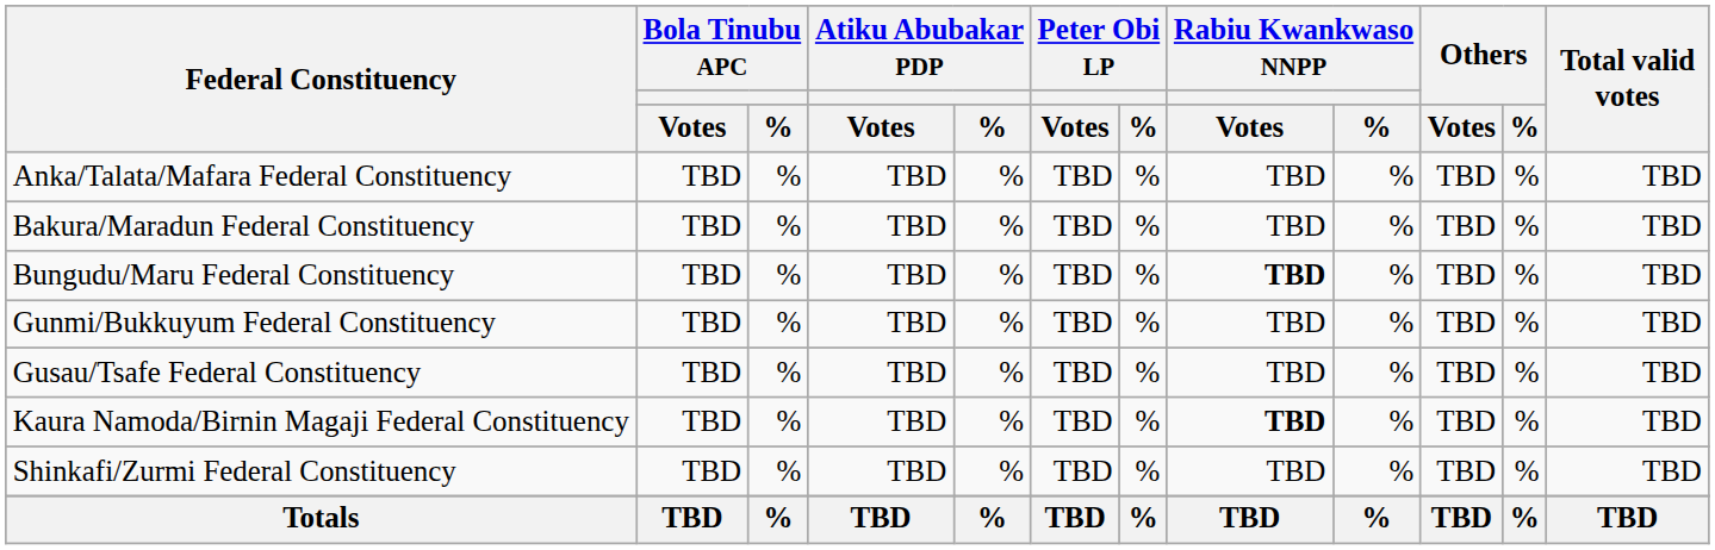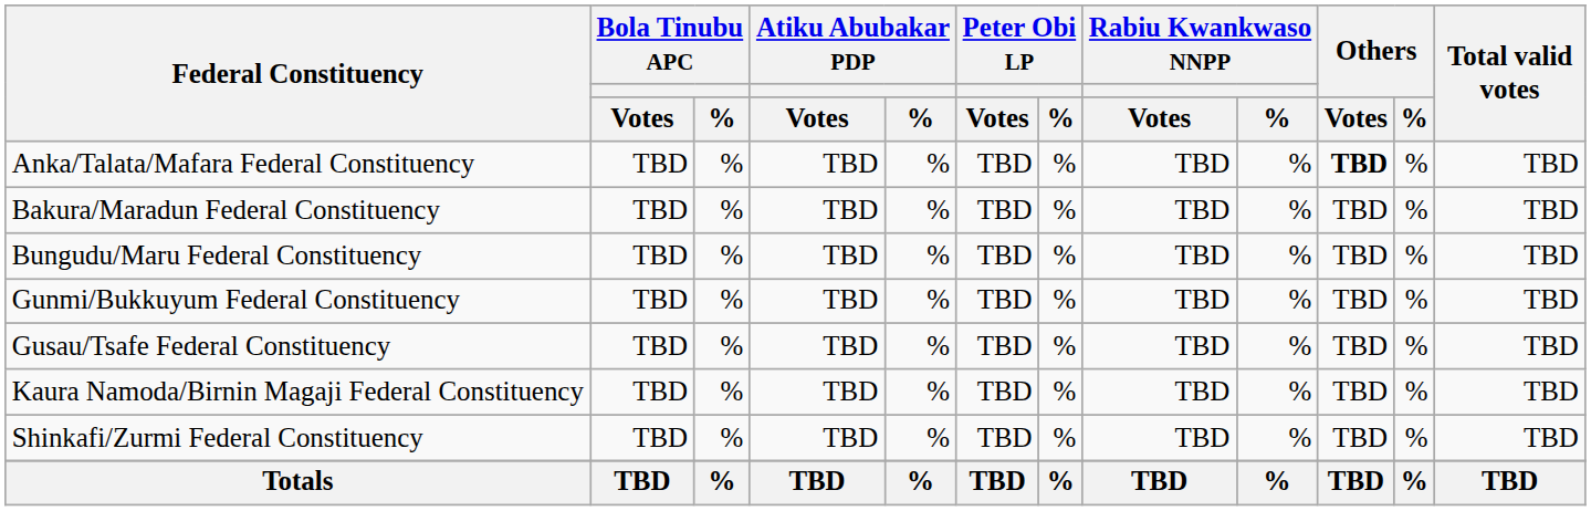 <table class="wikitable sortable" style="text-align:right; font-size:90%">
 <tr>
 <th rowspan="3" style="max-width:7.5em;">Federal Constituency</th>
 <th colspan="2"><a href='#'>Bola Tinubu</a><br><small>APC</small></th>
 <th colspan="2"><a href='#'>Atiku Abubakar</a><br><small>PDP</small></th>
 <th colspan="2"><a href='#'>Peter Obi</a><br><small>LP</small></th>
 <th colspan="2"><a href='#'>Rabiu Kwankwaso</a><br><small>NNPP</small></th>
 <th colspan="2" rowspan="2">Others</th>
 <th rowspan="3" style="max-width:5em;">Total valid votes</th>
 </tr>
 <tr>
 <th colspan=2 style="background-color:"></th>
 <th colspan=2 style="background-color:"></th>
 <th colspan=2 style="background-color:"></th>
 <th colspan=2 style="background-color:"></th>
 </tr>
 <tr>
 <th>Votes</th>
 <th>%</th>
 <th>Votes</th>
 <th>%</th>
 <th>Votes</th>
 <th>%</th>
 <th>Votes</th>
 <th>%</th>
 <th>Votes</th>
 <th>%</th>
 </tr>
 <tr style="background-color:#">
 <td style="text-align:left;">Anka/Talata/Mafara Federal Constituency</td>
 <td>TBD</td>
 <td>%</td>
 <td>TBD</td>
 <td>%</td>
 <td>TBD</td>
 <td>%</td>
 <td>TBD</td>
 <td>%</td>
-<td>TBD</td>
+<td><strong>TBD</strong></td>
 <td>%</td>
 <td>TBD</td>
 </tr>
 <tr style="background-color:#">
 <td style="text-align:left;">Bakura/Maradun Federal Constituency</td>
 <td>TBD</td>
 <td>%</td>
 <td>TBD</td>
 <td>%</td>
 <td>TBD</td>
 <td>%</td>
 <td>TBD</td>
 <td>%</td>
 <td>TBD</td>
 <td>%</td>
 <td>TBD</td>
 </tr>
 <tr style="background-color:#">
 <td style="text-align:left;">Bungudu/Maru Federal Constituency</td>
 <td>TBD</td>
 <td>%</td>
 <td>TBD</td>
 <td>%</td>
 <td>TBD</td>
 <td>%</td>
-<td><strong>TBD</strong></td>
+<td>TBD</td>
 <td>%</td>
 <td>TBD</td>
 <td>%</td>
 <td>TBD</td>
 </tr>
 <tr style="background-color:#">
 <td style="text-align:left;">Gunmi/Bukkuyum Federal Constituency</td>
 <td>TBD</td>
 <td>%</td>
 <td>TBD</td>
 <td>%</td>
 <td>TBD</td>
 <td>%</td>
 <td>TBD</td>
 <td>%</td>
 <td>TBD</td>
 <td>%</td>
 <td>TBD</td>
 </tr>
 <tr style="background-color:#">
 <td style="text-align:left;">Gusau/Tsafe Federal Constituency</td>
 <td>TBD</td>
 <td>%</td>
 <td>TBD</td>
 <td>%</td>
 <td>TBD</td>
 <td>%</td>
 <td>TBD</td>
 <td>%</td>
 <td>TBD</td>
 <td>%</td>
 <td>TBD</td>
 </tr>
 <tr style="background-color:#">
 <td style="text-align:left;">Kaura Namoda/Birnin Magaji Federal Constituency</td>
 <td>TBD</td>
 <td>%</td>
 <td>TBD</td>
 <td>%</td>
 <td>TBD</td>
 <td>%</td>
-<td><strong>TBD</strong></td>
+<td>TBD</td>
 <td>%</td>
 <td>TBD</td>
 <td>%</td>
 <td>TBD</td>
 </tr>
 <tr style="background-color:#">
 <td style="text-align:left;">Shinkafi/Zurmi Federal Constituency</td>
 <td>TBD</td>
 <td>%</td>
 <td>TBD</td>
 <td>%</td>
 <td>TBD</td>
 <td>%</td>
 <td>TBD</td>
 <td>%</td>
 <td>TBD</td>
 <td>%</td>
 <td>TBD</td>
 </tr>
 <tr>
 </tr>
 <tr>
 <th>Totals</th>
 <th>TBD</th>
 <th>%</th>
 <th>TBD</th>
 <th>%</th>
 <th>TBD</th>
 <th>%</th>
 <th>TBD</th>
 <th>%</th>
 <th>TBD</th>
 <th>%</th>
 <th>TBD</th>
 </tr>
 </table>
